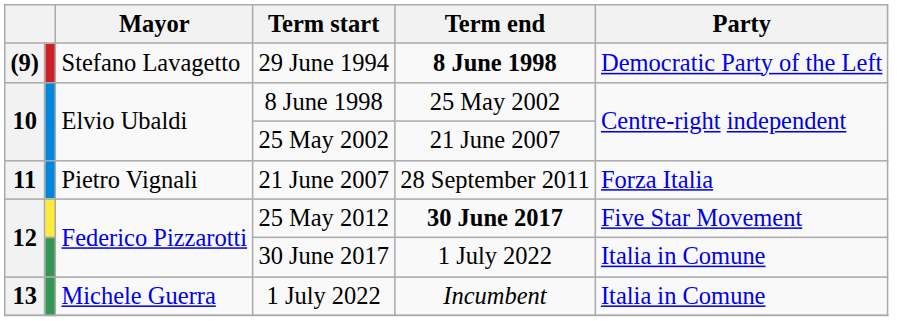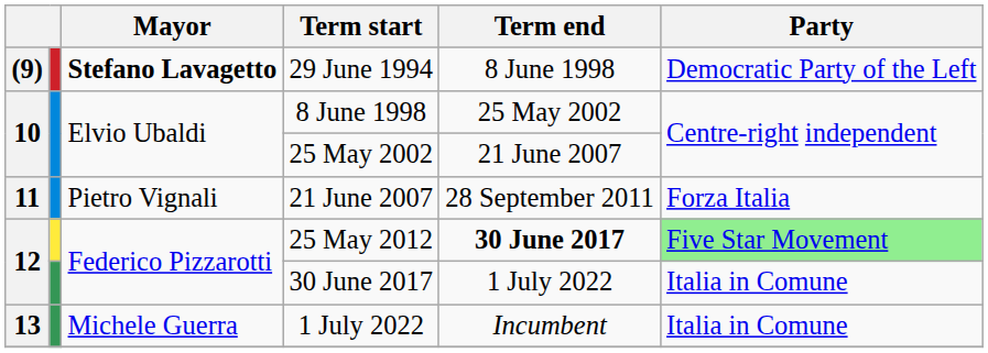 <table class="wikitable">
 <tr>
 <th colspan=2 class=unsortable> </th>
 <th>Mayor</th>
 <th>Term start</th>
 <th>Term end</th>
 <th>Party</th>
 </tr>
 <tr>
 <th>(9)</th>
 <th style="background:#CE2029;"></th>
-<td>Stefano Lavagetto</td>
+<td><strong>Stefano Lavagetto</strong></td>
 <td align=center>29 June 1994</td>
-<td align=center><strong>8 June 1998</strong></td>
+<td align=center>8 June 1998</td>
 <td><a href='#'>Democratic Party of the Left</a></td>
 </tr>
 <tr>
 <th rowspan=2>10</th>
 <th rowspan=2 style="background:#0087DC;"></th>
 <td rowspan=2>Elvio Ubaldi</td>
 <td align=center>8 June 1998</td>
 <td align=center>25 May 2002</td>
 <td rowspan=2><a href='#'>Centre-right</a> <a href='#'>independent</a></td>
 </tr>
 <tr>
 <td align=center>25 May 2002</td>
 <td align=center>21 June 2007</td>
 </tr>
 <tr>
 <th>11</th>
 <th style="background:#0087DC;"></th>
 <td>Pietro Vignali</td>
 <td align=center>21 June 2007</td>
 <td align=center>28 September 2011</td>
 <td><a href='#'>Forza Italia</a></td>
 </tr>
 <tr>
 <th rowspan=2>12</th>
 <th style="background:#FFEB3B;"></th>
 <td rowspan=2><a href='#'>Federico Pizzarotti</a></td>
 <td align=center>25 May 2012</td>
 <td align=center><strong>30 June 2017</strong></td>
-<td><a href='#'>Five Star Movement</a></td>
+<td style="background: lightgreen;"><a href='#'>Five Star Movement</a></td>
 </tr>
 <tr>
 <th style="background:#349655;"></th>
 <td align=center>30 June 2017</td>
 <td align=center>1 July 2022</td>
 <td><a href='#'>Italia in Comune</a></td>
 </tr>
 <tr>
 <th>13</th>
 <th style="background:#349655;"></th>
 <td><a href='#'>Michele Guerra</a></td>
 <td align=center>1 July 2022</td>
 <td align=center><em>Incumbent</em></td>
 <td><a href='#'>Italia in Comune</a></td>
 </tr>
 <tr>
 </tr>
 </table>
